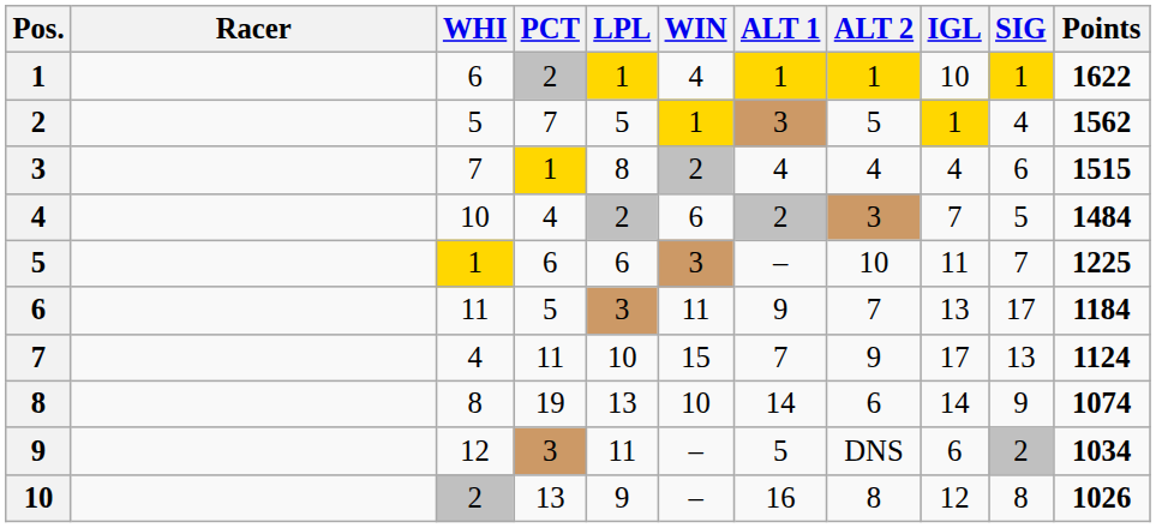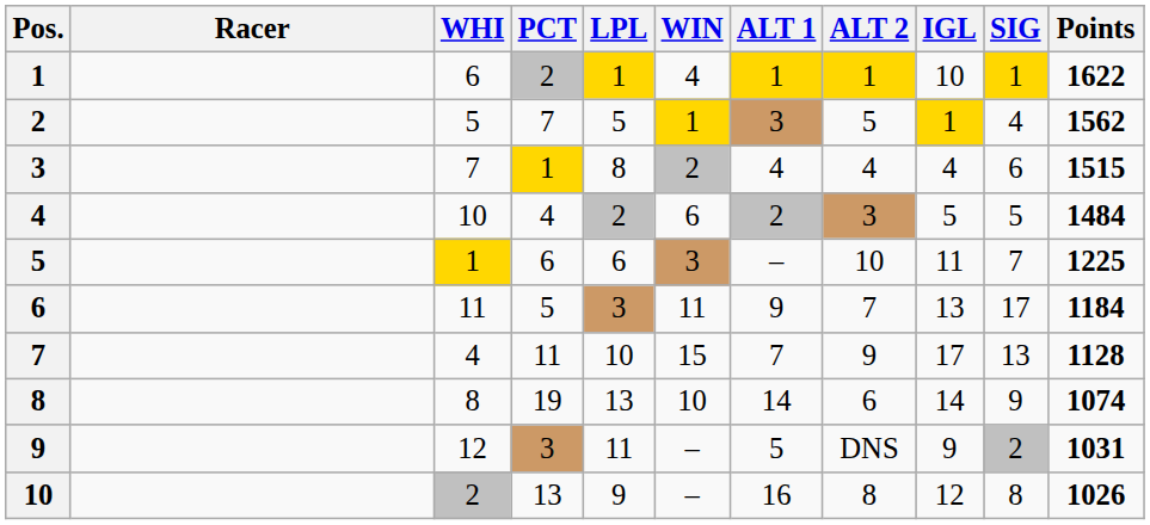 <table class="wikitable sortable plainrowheaders" style="text-align:center;">
 <tr>
 <th scope="col">Pos.</th>
 <th scope="col" style="width:190px;">Racer</th>
 <th scope="col"> <a href='#'>WHI</a></th>
 <th scope="col"> <a href='#'>PCT</a></th>
 <th scope="col"> <a href='#'>LPL</a></th>
 <th scope="col"> <a href='#'>WIN</a></th>
 <th scope="col"> <a href='#'>ALT 1</a></th>
 <th scope="col"> <a href='#'>ALT 2</a></th>
 <th scope="col"> <a href='#'>IGL</a></th>
 <th scope="col"> <a href='#'>SIG</a></th>
 <th style="width:45px;">Points</th>
 </tr>
 <tr>
 <th style="text-align:center;">1</th>
 <td align="left"></td>
 <td>6</td>
 <td style="background:silver;">2</td>
 <td style="background:gold;">1</td>
 <td>4</td>
 <td style="background:gold;">1</td>
 <td style="background:gold;">1</td>
 <td>10</td>
 <td style="background:gold;">1</td>
 <td><strong>1622</strong></td>
 </tr>
 <tr>
 <th style="text-align:center;">2</th>
 <td align="left"></td>
 <td>5</td>
 <td>7</td>
 <td>5</td>
 <td style="background:gold;">1</td>
 <td style="background:#c96;">3</td>
 <td>5</td>
 <td style="background:gold;">1</td>
 <td>4</td>
 <td><strong>1562</strong></td>
 </tr>
 <tr>
 <th style="text-align:center;">3</th>
 <td align="left"></td>
 <td>7</td>
 <td style="background:gold;">1</td>
 <td>8</td>
 <td style="background:silver;">2</td>
 <td>4</td>
 <td>4</td>
 <td>4</td>
 <td>6</td>
 <td><strong>1515</strong></td>
 </tr>
 <tr>
 <th style="text-align:center;">4</th>
 <td align="left"></td>
 <td>10</td>
 <td>4</td>
 <td style="background:silver;">2</td>
 <td>6</td>
 <td style="background:silver;">2</td>
 <td style="background:#c96;">3</td>
-<td>7</td>
+<td>5</td>
 <td>5</td>
 <td><strong>1484</strong></td>
 </tr>
 <tr>
 <th style="text-align:center;">5</th>
 <td align="left"></td>
 <td style="background:gold;">1</td>
 <td>6</td>
 <td>6</td>
 <td style="background:#c96;">3</td>
 <td>–</td>
 <td>10</td>
 <td>11</td>
 <td>7</td>
 <td><strong>1225</strong></td>
 </tr>
 <tr>
 <th style="text-align:center;">6</th>
 <td align="left"></td>
 <td>11</td>
 <td>5</td>
 <td style="background:#c96;">3</td>
 <td>11</td>
 <td>9</td>
 <td>7</td>
 <td>13</td>
 <td>17</td>
 <td><strong>1184</strong></td>
 </tr>
 <tr>
 <th style="text-align:center;">7</th>
 <td align="left"></td>
 <td>4</td>
 <td>11</td>
 <td>10</td>
 <td>15</td>
 <td>7</td>
 <td>9</td>
 <td>17</td>
 <td>13</td>
-<td><strong>1124</strong></td>
+<td><strong>1128</strong></td>
 </tr>
 <tr>
 <th style="text-align:center;">8</th>
 <td align="left"></td>
 <td>8</td>
 <td>19</td>
 <td>13</td>
 <td>10</td>
 <td>14</td>
 <td>6</td>
 <td>14</td>
 <td>9</td>
 <td><strong>1074</strong></td>
 </tr>
 <tr>
 <th style="text-align:center;">9</th>
 <td align="left"></td>
 <td>12</td>
 <td style="background:#c96;">3</td>
 <td>11</td>
 <td>–</td>
 <td>5</td>
 <td>DNS</td>
-<td>6</td>
+<td>9</td>
 <td style="background:silver;">2</td>
-<td><strong>1034</strong></td>
+<td><strong>1031</strong></td>
 </tr>
 <tr>
 <th style="text-align:center;">10</th>
 <td align="left"></td>
 <td style="background:silver;">2</td>
 <td>13</td>
 <td>9</td>
 <td>–</td>
 <td>16</td>
 <td>8</td>
 <td>12</td>
 <td>8</td>
 <td><strong>1026</strong></td>
 </tr>
 </table>
